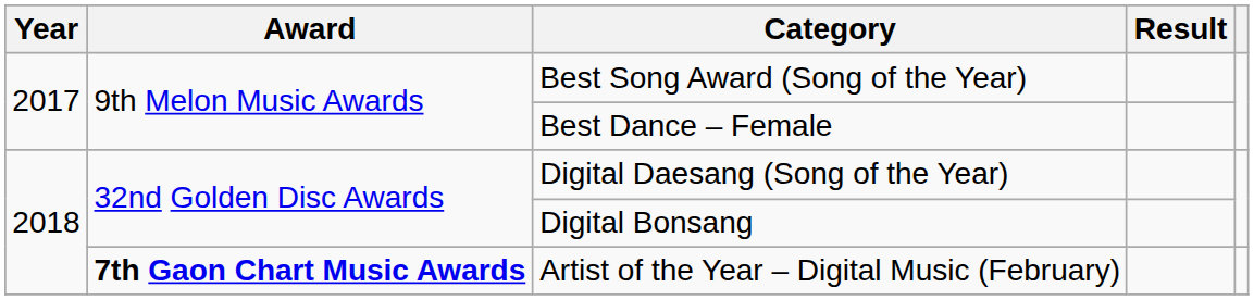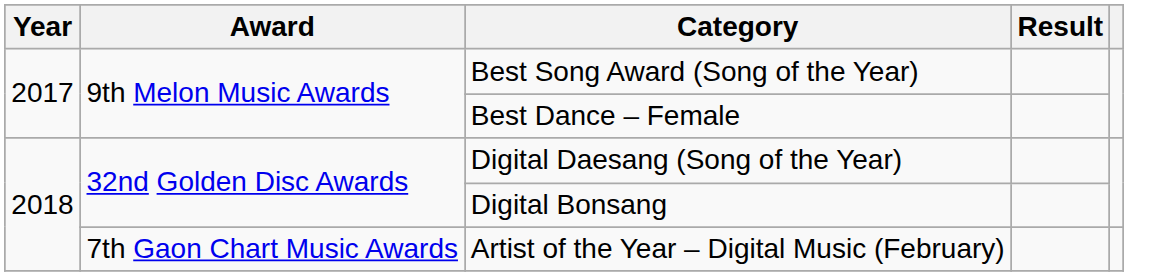 <table class="wikitable">
 <tr>
 <th scope="col">Year</th>
 <th scope="col">Award</th>
 <th scope="col">Category</th>
 <th scope="col">Result</th>
 <th scope="col"></th>
 </tr>
 <tr>
 <td rowspan="2">2017</td>
 <td rowspan="2">9th <a href='#'>Melon Music Awards</a></td>
 <td>Best Song Award (Song of the Year)</td>
 <td></td>
 <td style="text-align:center;" rowspan="2"></td>
 </tr>
 <tr>
 <td>Best Dance – Female</td>
 <td></td>
 </tr>
 <tr>
 <td rowspan="3">2018</td>
 <td rowspan="2"><a href='#'>32nd</a> <a href='#'>Golden Disc Awards</a></td>
 <td>Digital Daesang (Song of the Year)</td>
 <td></td>
 <td style="text-align:center;" rowspan="2"></td>
 </tr>
 <tr>
 <td>Digital Bonsang</td>
 <td></td>
 </tr>
 <tr>
-<td><strong>7th <a href='#'>Gaon Chart Music Awards</a></strong></td>
+<td>7th <a href='#'>Gaon Chart Music Awards</a></td>
 <td>Artist of the Year – Digital Music (February)</td>
 <td></td>
 <td style="text-align:center;"></td>
 </tr>
 </table>
